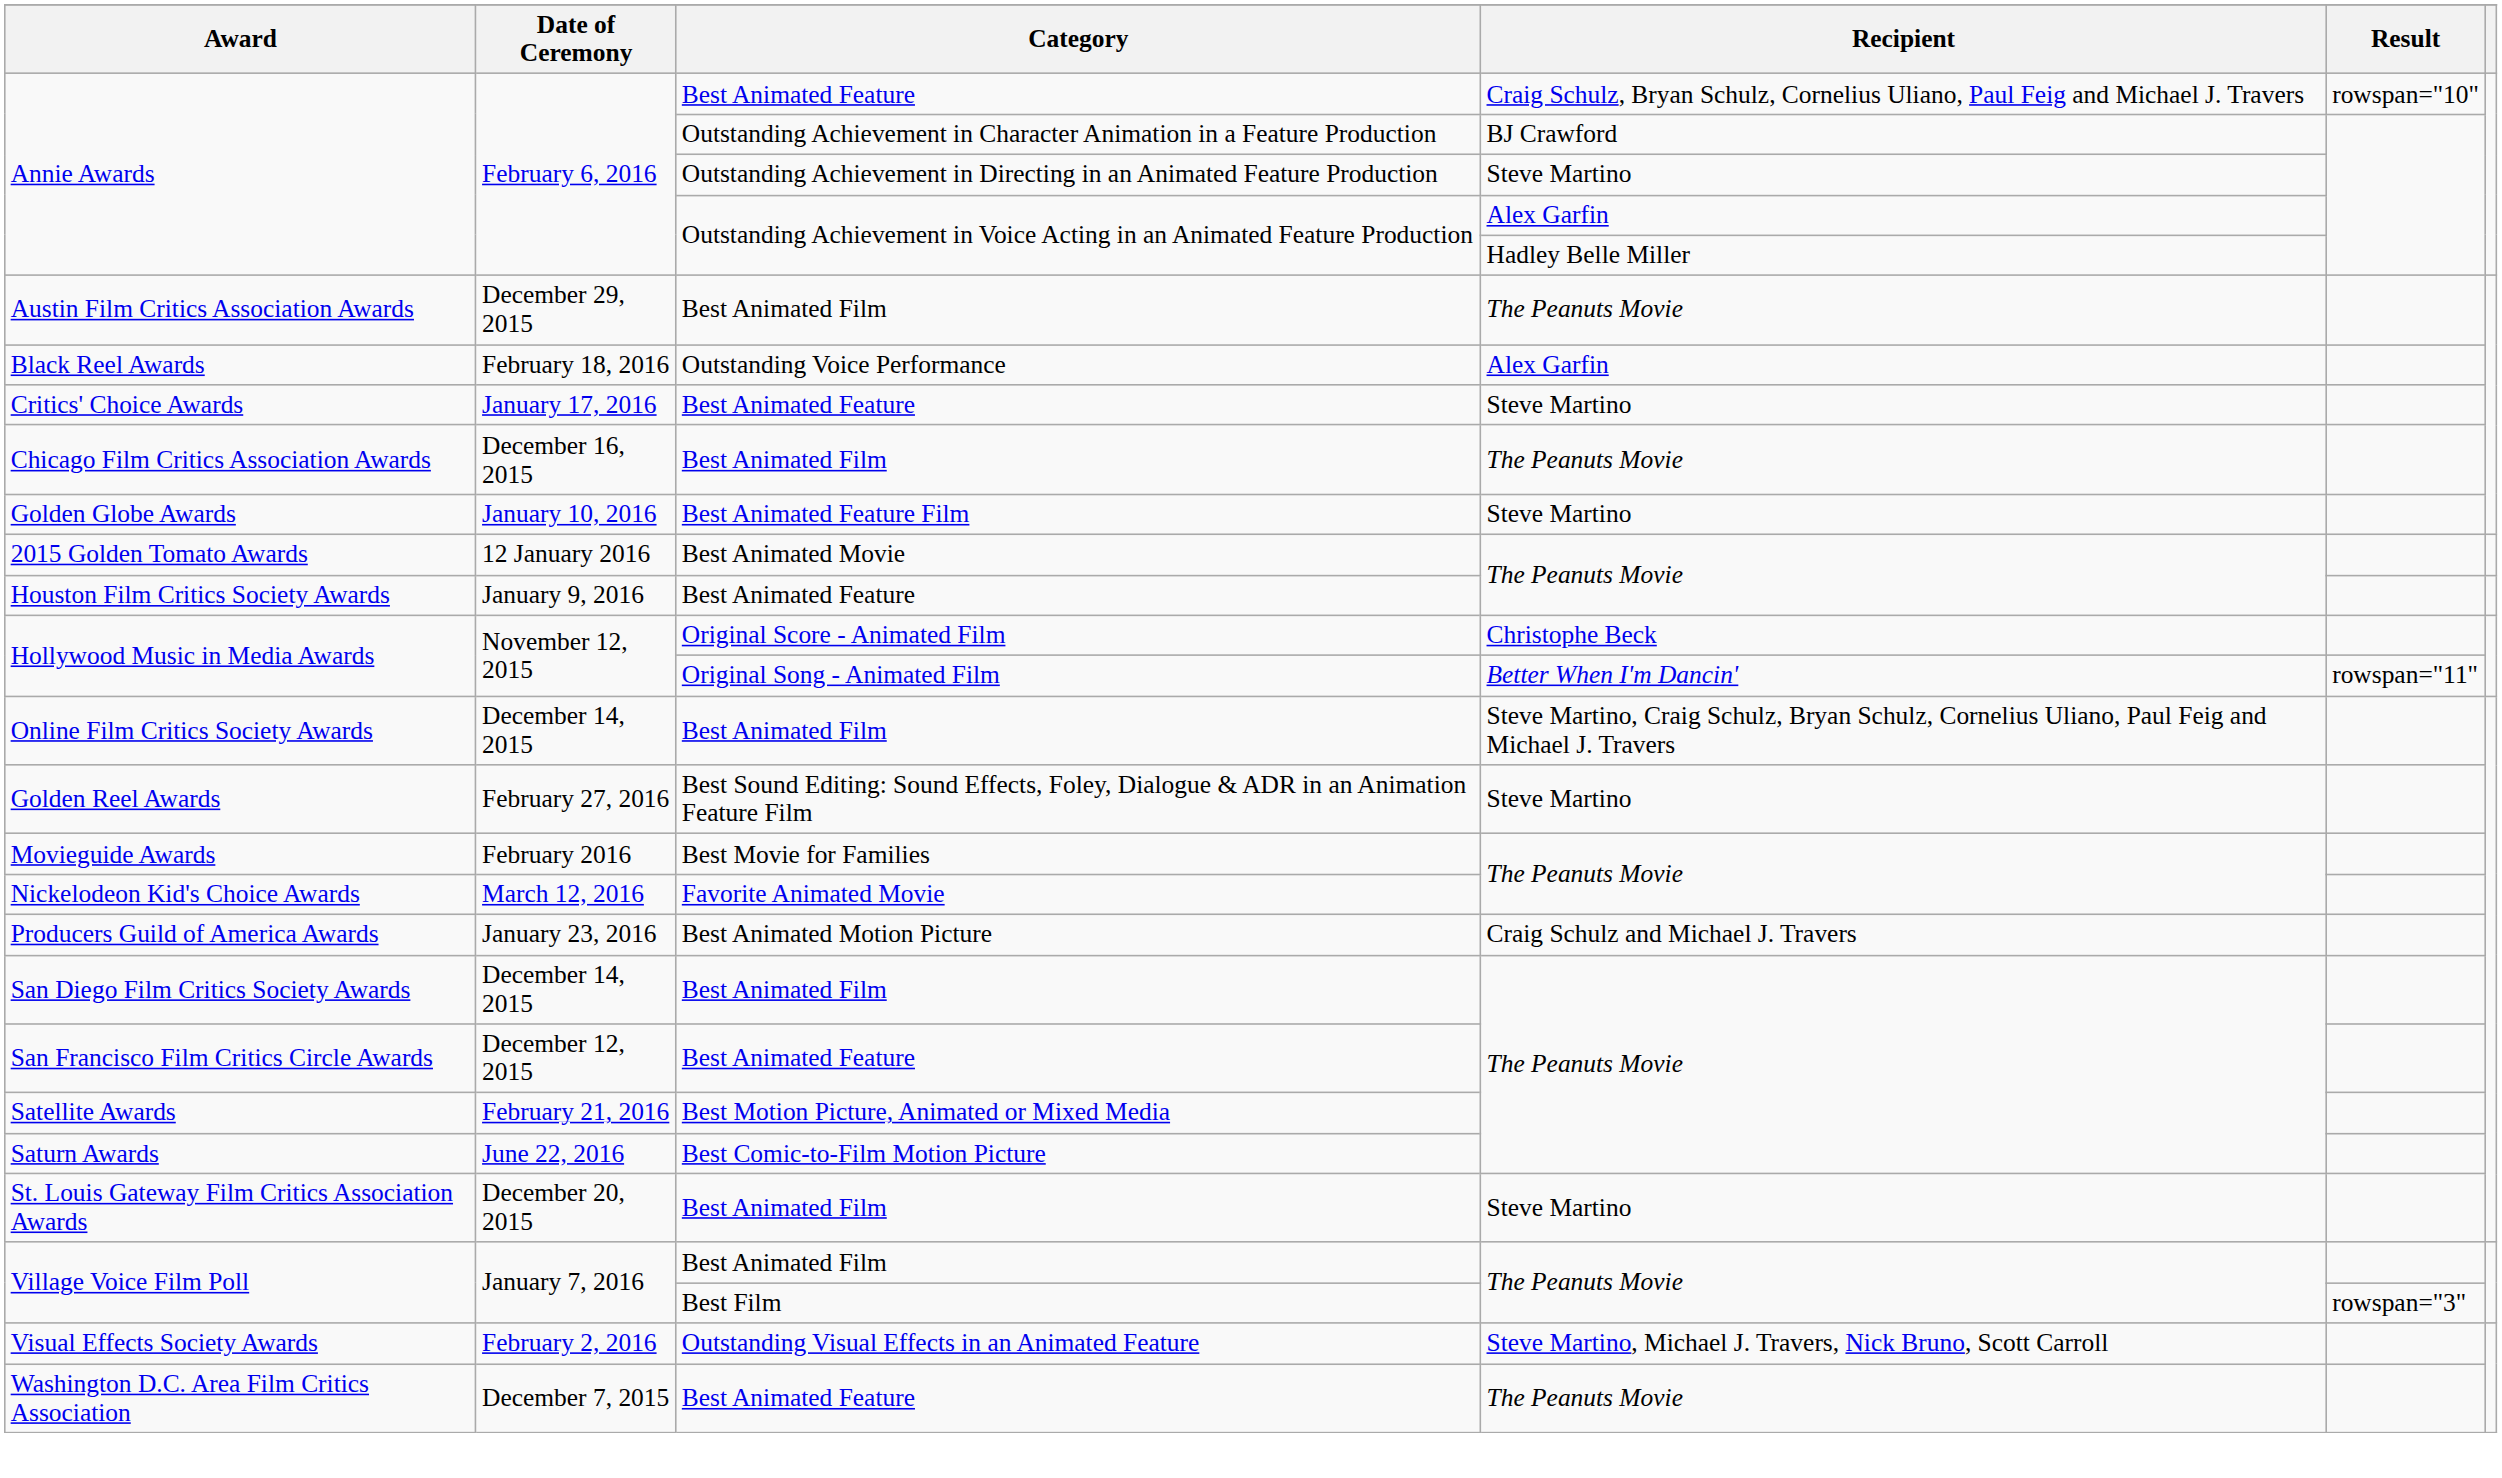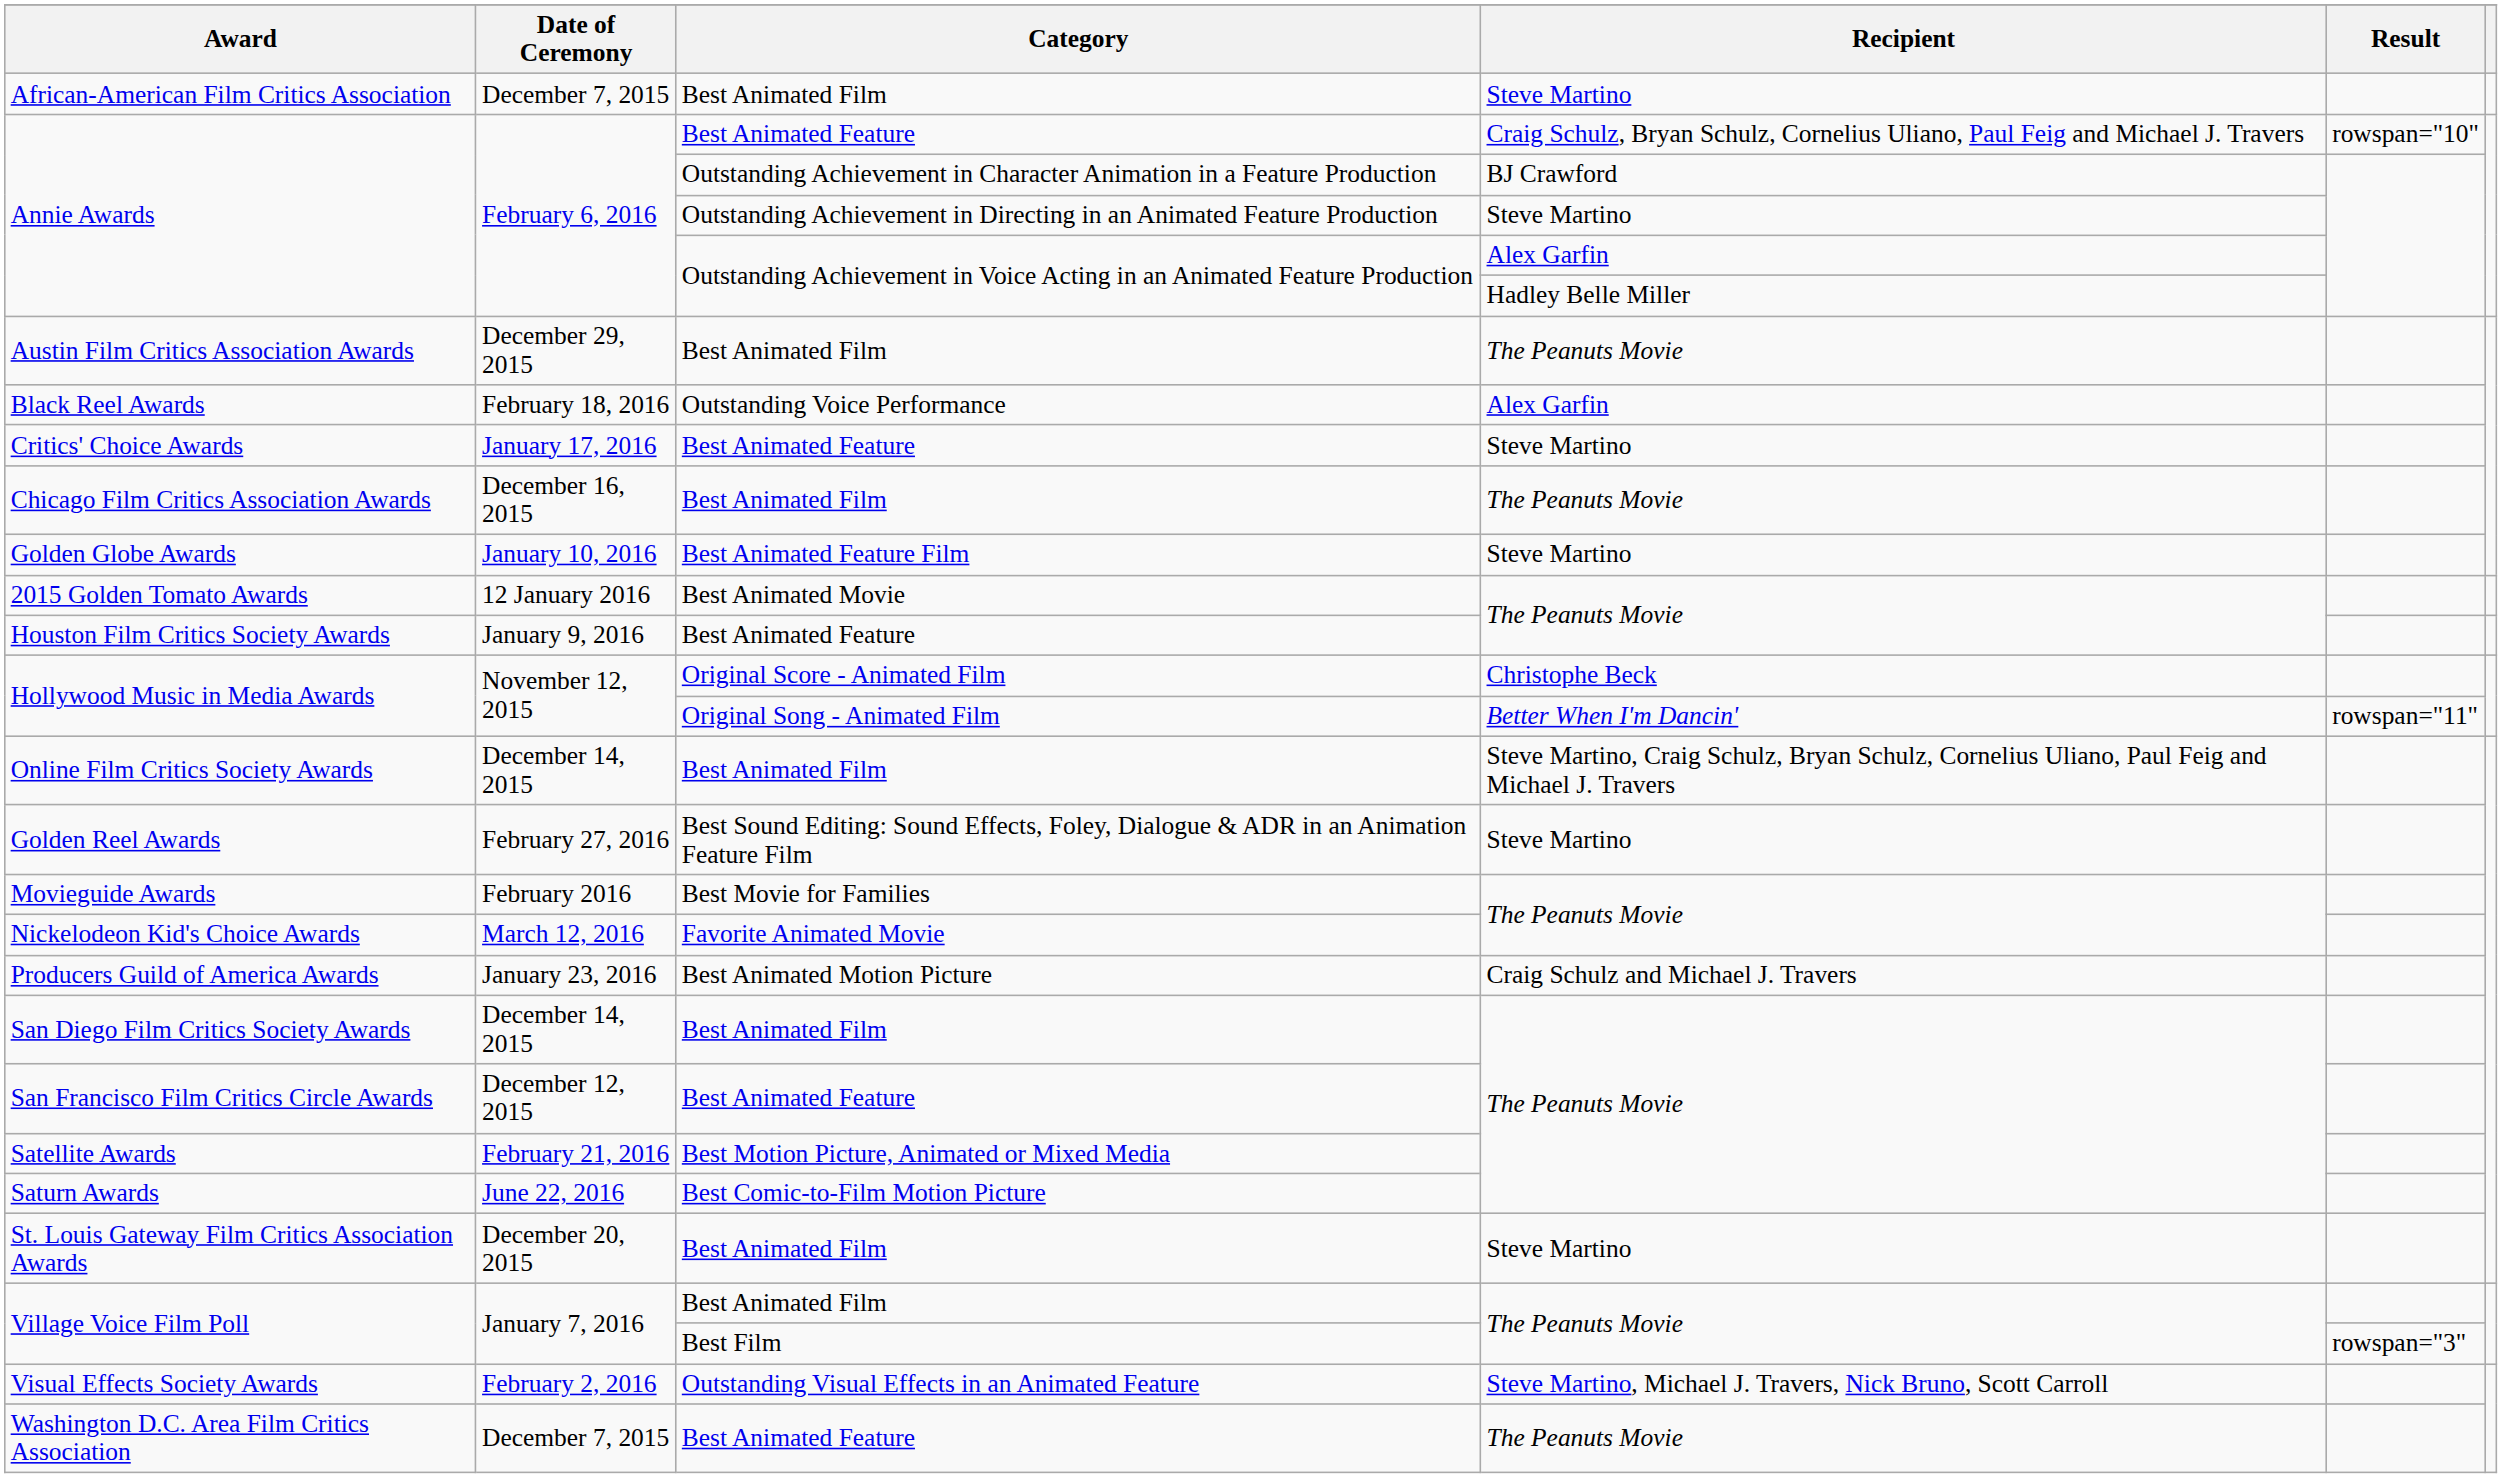 <table class="wikitable" width="99%">
 <tr>
 </tr>
 <tr style="text-align:center;">
 <th>Award</th>
 <th>Date of Ceremony</th>
 <th>Category</th>
 <th>Recipient</th>
 <th>Result</th>
 <th></th>
+</tr>
+<tr>
+<td><a href='#'>African-American Film Critics Association</a></td>
+<td>December 7, 2015</td>
+<td>Best Animated Film</td>
+<td><a href='#'>Steve Martino</a></td>
+<td></td>
+<td></td>
 </tr>
 <tr>
 <td rowspan="5"><a href='#'>Annie Awards</a></td>
 <td rowspan="5"><a href='#'>February 6, 2016</a></td>
 <td><a href='#'>Best Animated Feature</a></td>
 <td><a href='#'>Craig Schulz</a>, Bryan Schulz, Cornelius Uliano, <a href='#'>Paul Feig</a> and Michael J. Travers</td>
 <td>rowspan="10" </td>
 <td rowspan="5"></td>
 </tr>
 <tr>
 <td>Outstanding Achievement in Character Animation in a Feature Production</td>
 <td>BJ Crawford</td>
 </tr>
 <tr>
 <td>Outstanding Achievement in Directing in an Animated Feature Production</td>
 <td>Steve Martino</td>
 </tr>
 <tr>
 <td rowspan="2">Outstanding Achievement in Voice Acting in an Animated Feature Production</td>
 <td><a href='#'>Alex Garfin</a></td>
 </tr>
 <tr>
 <td>Hadley Belle Miller</td>
 </tr>
 <tr>
 <td><a href='#'>Austin Film Critics Association Awards</a></td>
 <td>December 29, 2015</td>
 <td>Best Animated Film</td>
 <td><em>The Peanuts Movie</em></td>
 <td></td>
 </tr>
 <tr>
 <td><a href='#'>Black Reel Awards</a></td>
 <td>February 18, 2016</td>
 <td>Outstanding Voice Performance</td>
 <td><a href='#'>Alex Garfin</a></td>
 <td></td>
 </tr>
 <tr>
 <td><a href='#'>Critics' Choice Awards</a></td>
 <td><a href='#'>January 17, 2016</a></td>
 <td><a href='#'>Best Animated Feature</a></td>
 <td>Steve Martino</td>
 <td></td>
 </tr>
 <tr>
 <td><a href='#'>Chicago Film Critics Association Awards</a></td>
 <td>December 16, 2015</td>
 <td><a href='#'>Best Animated Film</a></td>
 <td><em>The Peanuts Movie</em></td>
 <td></td>
 </tr>
 <tr>
 <td><a href='#'>Golden Globe Awards</a></td>
 <td><a href='#'>January 10, 2016</a></td>
 <td><a href='#'>Best Animated Feature Film</a></td>
 <td>Steve Martino</td>
 <td></td>
 </tr>
 <tr>
 <td><a href='#'>2015 Golden Tomato Awards</a></td>
 <td>12 January 2016</td>
 <td>Best Animated Movie</td>
 <td rowspan="2"><em>The Peanuts Movie</em></td>
 <td></td>
 <td></td>
 </tr>
 <tr>
 <td><a href='#'>Houston Film Critics Society Awards</a></td>
 <td>January 9, 2016</td>
 <td>Best Animated Feature</td>
 <td></td>
 <td></td>
 </tr>
 <tr>
 <td rowspan="2"><a href='#'>Hollywood Music in Media Awards</a></td>
 <td rowspan="2">November 12, 2015</td>
 <td><a href='#'>Original Score - Animated Film</a></td>
 <td><a href='#'>Christophe Beck</a></td>
 <td></td>
 <td rowspan="2"></td>
 </tr>
 <tr>
 <td><a href='#'>Original Song - Animated Film</a></td>
 <td><em><a href='#'>Better When I'm Dancin'</a></em></td>
 <td>rowspan="11" </td>
 </tr>
 <tr>
 <td><a href='#'>Online Film Critics Society Awards</a></td>
 <td>December 14, 2015</td>
 <td><a href='#'>Best Animated Film</a></td>
 <td>Steve Martino, Craig Schulz, Bryan Schulz, Cornelius Uliano, Paul Feig and Michael J. Travers</td>
 <td></td>
 </tr>
 <tr>
 <td><a href='#'>Golden Reel Awards</a></td>
 <td>February 27, 2016</td>
 <td>Best Sound Editing: Sound Effects, Foley, Dialogue & ADR in an Animation Feature Film</td>
 <td>Steve Martino</td>
 <td></td>
 </tr>
 <tr>
 <td><a href='#'>Movieguide Awards</a></td>
 <td>February 2016</td>
 <td>Best Movie for Families</td>
 <td rowspan="2"><em>The Peanuts Movie</em></td>
 <td></td>
 </tr>
 <tr>
 <td><a href='#'>Nickelodeon Kid's Choice Awards</a></td>
 <td><a href='#'>March 12, 2016</a></td>
 <td><a href='#'>Favorite Animated Movie</a></td>
 <td></td>
 </tr>
 <tr>
 <td><a href='#'>Producers Guild of America Awards</a></td>
 <td>January 23, 2016</td>
 <td>Best Animated Motion Picture</td>
 <td>Craig Schulz and Michael J. Travers</td>
 <td></td>
 </tr>
 <tr>
 <td><a href='#'>San Diego Film Critics Society Awards</a></td>
 <td>December 14, 2015</td>
 <td><a href='#'>Best Animated Film</a></td>
 <td rowspan="4"><em>The Peanuts Movie</em></td>
 <td></td>
 </tr>
 <tr>
 <td><a href='#'>San Francisco Film Critics Circle Awards</a></td>
 <td>December 12, 2015</td>
 <td><a href='#'>Best Animated Feature</a></td>
 <td></td>
 </tr>
 <tr>
 <td><a href='#'>Satellite Awards</a></td>
 <td><a href='#'>February 21, 2016</a></td>
 <td><a href='#'>Best Motion Picture, Animated or Mixed Media</a></td>
 <td></td>
 </tr>
 <tr>
 <td><a href='#'>Saturn Awards</a></td>
 <td><a href='#'>June 22, 2016</a></td>
 <td><a href='#'>Best Comic-to-Film Motion Picture</a></td>
 <td></td>
 </tr>
 <tr>
 <td><a href='#'>St. Louis Gateway Film Critics Association Awards</a></td>
 <td>December 20, 2015</td>
 <td><a href='#'>Best Animated Film</a></td>
 <td>Steve Martino</td>
 <td></td>
 </tr>
 <tr>
 <td rowspan="2"><a href='#'>Village Voice Film Poll</a></td>
 <td rowspan="2">January 7, 2016</td>
 <td>Best Animated Film</td>
 <td rowspan="2"><em>The Peanuts Movie</em></td>
 <td></td>
 <td rowspan="2"></td>
 </tr>
 <tr>
 <td>Best Film</td>
 <td>rowspan="3" </td>
 </tr>
 <tr>
 <td><a href='#'>Visual Effects Society Awards</a></td>
 <td><a href='#'>February 2, 2016</a></td>
 <td><a href='#'>Outstanding Visual Effects in an Animated Feature</a></td>
 <td><a href='#'>Steve Martino</a>, Michael J. Travers, <a href='#'>Nick Bruno</a>, Scott Carroll</td>
 <td align="center"></td>
 </tr>
 <tr>
 <td><a href='#'>Washington D.C. Area Film Critics Association</a></td>
 <td>December 7, 2015</td>
 <td><a href='#'>Best Animated Feature</a></td>
 <td><em>The Peanuts Movie</em></td>
 <td></td>
 </tr>
 </table>
